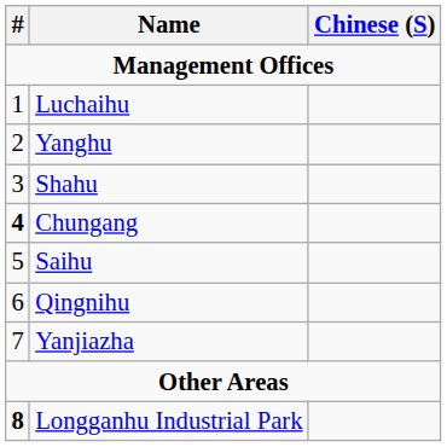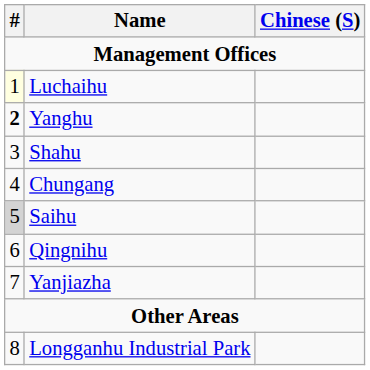 <table class="wikitable sortable">
 <tr>
 <th>#</th>
 <th>Name</th>
 <th><a href='#'>Chinese</a> (<a href='#'>S</a>)</th>
 </tr>
 <tr>
 <td style="text-align:center;" colspan="7"><strong>Management Offices</strong></td>
 </tr>
 <tr>
-<td>1</td>
+<td style="background: lightyellow;">1</td>
 <td><a href='#'>Luchaihu</a></td>
 <td></td>
 </tr>
 <tr>
-<td>2</td>
+<td><strong>2</strong></td>
 <td><a href='#'>Yanghu</a></td>
 <td></td>
 </tr>
 <tr>
 <td>3</td>
 <td><a href='#'>Shahu</a></td>
 <td></td>
 </tr>
 <tr>
-<td><strong>4</strong></td>
+<td>4</td>
 <td><a href='#'>Chungang</a></td>
 <td></td>
 </tr>
 <tr>
-<td>5</td>
+<td style="background: lightgrey;">5</td>
 <td><a href='#'>Saihu</a></td>
 <td></td>
 </tr>
 <tr>
 <td>6</td>
 <td><a href='#'>Qingnihu</a></td>
 <td></td>
 </tr>
 <tr>
 <td>7</td>
 <td><a href='#'>Yanjiazha</a></td>
 <td></td>
 </tr>
 <tr>
 <td style="text-align:center;" colspan="7"><strong>Other Areas</strong></td>
 </tr>
 <tr>
-<td><strong>8</strong></td>
+<td>8</td>
 <td><a href='#'>Longganhu Industrial Park</a></td>
 <td></td>
 </tr>
 </table>
